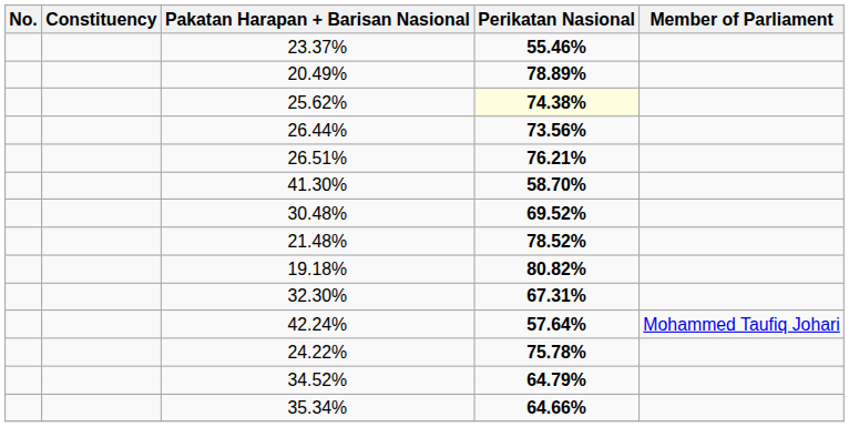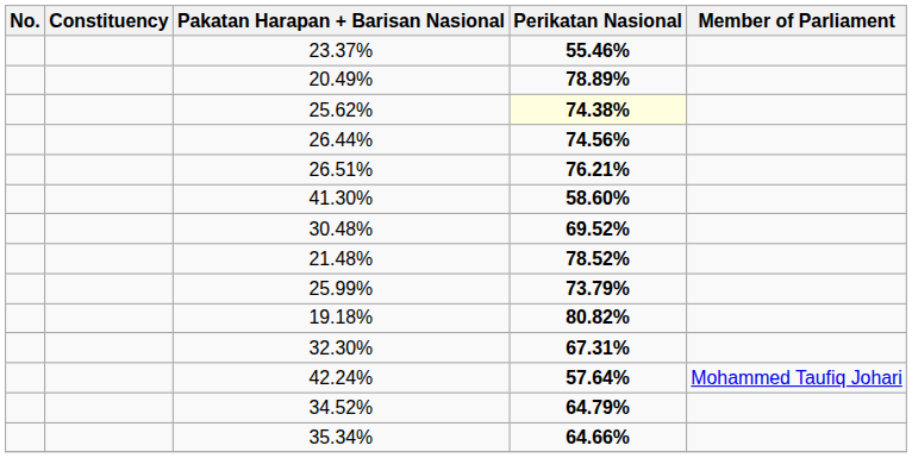 <table class="wikitable sortable" style="text-align:center; font-size:90%">
 <tr>
 <th>No.</th>
 <th>Constituency</th>
 <th>Pakatan Harapan + Barisan Nasional</th>
 <th><strong>Perikatan Nasional</strong></th>
 <th><strong>Member of Parliament</strong></th>
 </tr>
 <tr align="center">
 <td><strong></strong></td>
 <td><strong></strong></td>
 <td>23.37%</td>
 <td><strong>55.46%</strong></td>
 <td></td>
 </tr>
 <tr align="center">
 <td><strong></strong></td>
 <td><strong></strong></td>
 <td>20.49%</td>
 <td><strong>78.89%</strong></td>
 <td></td>
 </tr>
 <tr align="center">
 <td><strong></strong></td>
 <td><strong></strong></td>
 <td>25.62%</td>
 <td style="background: lightyellow;"><strong>74.38%</strong></td>
 <td></td>
 </tr>
 <tr align="center">
 <td><strong></strong></td>
 <td><strong></strong></td>
 <td>26.44%</td>
-<td><strong>73.56%</strong></td>
+<td><strong>74.56%</strong></td>
 <td></td>
 </tr>
 <tr align="center">
 <td><strong></strong></td>
 <td><strong></strong></td>
 <td>26.51%</td>
 <td><strong>76.21%</strong></td>
 <td></td>
 </tr>
 <tr align="center">
 <td><strong></strong></td>
 <td><strong></strong></td>
 <td>41.30%</td>
-<td><strong>58.70%</strong></td>
+<td><strong>58.60%</strong></td>
 <td></td>
 </tr>
 <tr align="center">
 <td><strong></strong></td>
 <td><strong></strong></td>
 <td>30.48%</td>
 <td><strong>69.52%</strong></td>
 <td></td>
 </tr>
 <tr align="center">
 <td><strong></strong></td>
 <td><strong></strong></td>
 <td>21.48%</td>
 <td><strong>78.52%</strong></td>
+<td></td>
+</tr>
+<tr align="center">
+<td><strong></strong></td>
+<td><strong></strong></td>
+<td>25.99%</td>
+<td><strong>73.79%</strong></td>
 <td></td>
 </tr>
 <tr align="center">
 <td><strong></strong></td>
 <td><strong></strong></td>
 <td>19.18%</td>
 <td><strong>80.82%</strong></td>
 <td></td>
 </tr>
 <tr align="center">
 <td><strong></strong></td>
 <td><strong></strong></td>
 <td>32.30%</td>
 <td><strong>67.31%</strong></td>
 <td></td>
 </tr>
 <tr align="center">
 <td><strong></strong></td>
 <td><strong></strong></td>
 <td>42.24%</td>
 <td><strong>57.64%</strong></td>
 <td><a href='#'>Mohammed Taufiq Johari</a></td>
 </tr>
 <tr align="center">
 <td><strong></strong></td>
 <td><strong></strong></td>
-<td>24.22%</td>
-<td><strong>75.78%</strong></td>
-<td></td>
-</tr>
-<tr align="center">
-<td><strong></strong></td>
-<td><strong></strong></td>
 <td>34.52%</td>
 <td><strong>64.79%</strong></td>
 <td></td>
 </tr>
 <tr align="center">
 <td><strong></strong></td>
 <td><strong></strong></td>
 <td>35.34%</td>
 <td><strong>64.66%</strong></td>
 <td></td>
 </tr>
 <tr>
 </tr>
 </table>
